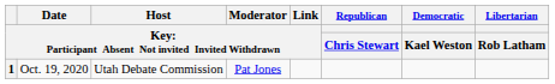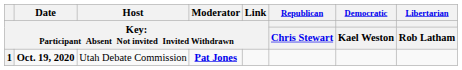 <table class="wikitable" style="text-align:center;">
 <tr>
 <th scope="col"></th>
 <th scope="col">Date</th>
 <th scope="col">Host</th>
 <th scope="col">Moderator</th>
 <th scope="col">Link</th>
 <th scope="col"><small><a href='#'>Republican</a></small></th>
 <th scope="col"><small><a href='#'>Democratic</a></small></th>
 <th scope="col"><small><a href='#'>Libertarian</a></small></th>
 </tr>
 <tr>
 <th colspan="5" rowspan="2">Key:<br> <small>Participant </small>  <small>Absent </small>  <small>Not invited </small>  <small>Invited  Withdrawn</small></th>
 <th scope="col" style="background:"></th>
 <th scope="col" style="background:"></th>
 <th scope="col" style="background:"></th>
 </tr>
 <tr>
 <th scope="col"><a href='#'>Chris Stewart</a></th>
 <th scope="col">Kael Weston</th>
 <th scope="col">Rob Latham</th>
 </tr>
 <tr>
 <th>1</th>
-<td style="white-space:nowrap;">Oct. 19, 2020</td>
+<td style="white-space:nowrap;"><strong>Oct. 19, 2020</strong></td>
 <td style="white-space:nowrap;">Utah Debate Commission</td>
-<td style="white-space:nowrap;"><a href='#'>Pat Jones</a></td>
+<td style="white-space:nowrap;"><strong><a href='#'>Pat Jones</a></strong></td>
 <td style="white-space:nowrap;"></td>
 <td></td>
 <td></td>
 <td></td>
 </tr>
 </table>
